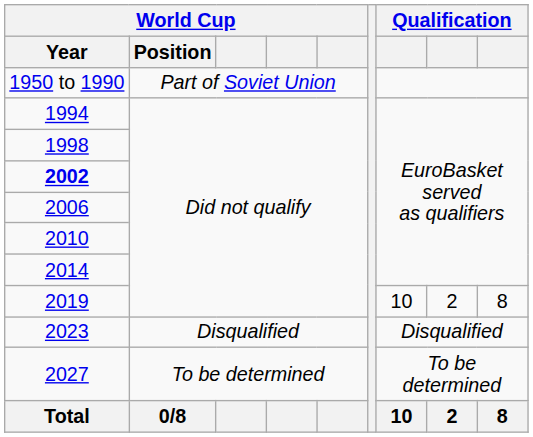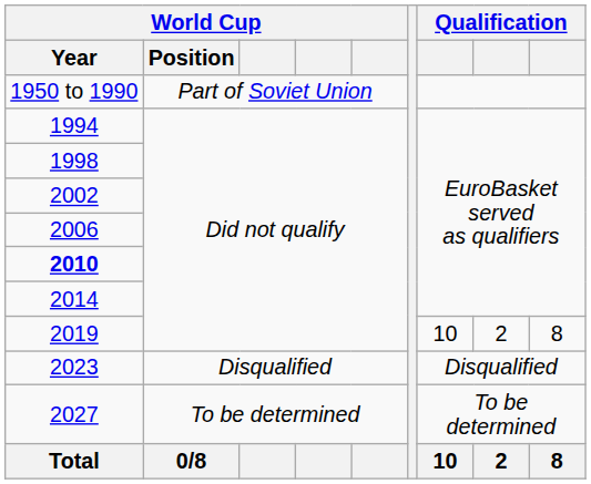 <table class="wikitable" style="text-align: center;font-size:90%;">
 <tr>
 <th colspan=5><a href='#'>World Cup</a></th>
 <th rowspan=13></th>
 <th colspan=3><a href='#'>Qualification</a></th>
 </tr>
 <tr>
 <th>Year</th>
 <th>Position</th>
 <th width=30></th>
 <th width=30></th>
 <th width=30></th>
 <th width=30></th>
 <th width=30></th>
 <th width=30></th>
 </tr>
 <tr>
 <td><a href='#'>1950</a> to <a href='#'>1990</a></td>
 <td colspan=4><em>Part of <a href='#'>Soviet Union</a></em></td>
 </tr>
 <tr>
 <td> <a href='#'>1994</a></td>
 <td colspan=4 rowspan=7><em>Did not qualify</em></td>
 <td colspan=3 rowspan=6><em>EuroBasket served<br>as qualifiers</em></td>
 </tr>
 <tr>
 <td> <a href='#'>1998</a></td>
 </tr>
 <tr>
-<td><strong> <a href='#'>2002</a></strong></td>
+<td> <a href='#'>2002</a></td>
 </tr>
 <tr>
 <td> <a href='#'>2006</a></td>
 </tr>
 <tr>
-<td> <a href='#'>2010</a></td>
+<td><strong> <a href='#'>2010</a></strong></td>
 </tr>
 <tr>
 <td> <a href='#'>2014</a></td>
 </tr>
 <tr>
 <td> <a href='#'>2019</a></td>
 <td>10</td>
 <td>2</td>
 <td>8</td>
 </tr>
 <tr>
 <td> <a href='#'>2023</a></td>
 <td colspan=4><em>Disqualified</em></td>
 <td colspan=3><em>Disqualified</em></td>
 </tr>
 <tr>
 <td> <a href='#'>2027</a></td>
 <td colspan=4><em>To be determined</em></td>
 <td colspan=3><em>To be determined</em></td>
 </tr>
 <tr>
 <th>Total</th>
 <th>0/8</th>
 <th></th>
 <th></th>
 <th></th>
 <th>10</th>
 <th>2</th>
 <th>8</th>
 </tr>
 </table>
